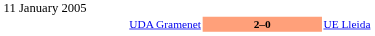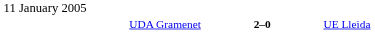 <table width="100%" cellspacing="1">
 <tr>
 <th width="20%"></th>
 <th width="12%"></th>
 <th width="20%"></th>
 <th></th>
 </tr>
 <tr>
 <td>11 January 2005</td>
 </tr>
 <tr style="font-size:90%">
 <td align="right"><a href='#'>UDA Gramenet</a></td>
-<td align="center" style="background: lightsalmon;"><strong>2–0</strong></td>
+<td align="center"><strong>2–0</strong></td>
 <td><a href='#'>UE Lleida</a></td>
 </tr>
 </table>
